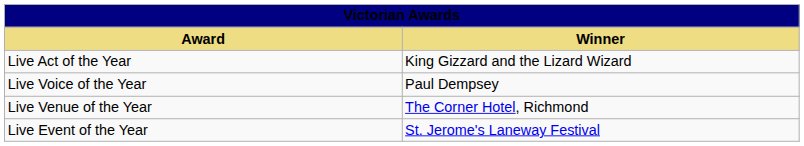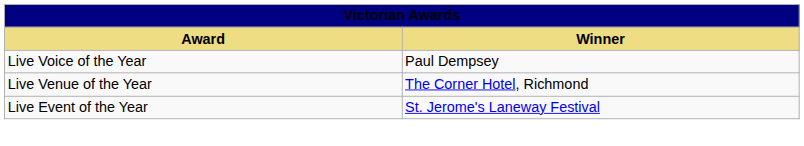 <table class="wikitable" width=100%>
 <tr>
 <th colspan="2" ! style="width:15%;background:navy">Victorian Awards</th>
 </tr>
 <tr>
 <th style="width:10%;background:#EEDD82;">Award</th>
 <th style="width:10%;background:#EEDD82;">Winner</th>
-</tr>
-<tr>
-<td>Live Act of the Year</td>
-<td>King Gizzard and the Lizard Wizard</td>
 </tr>
 <tr>
 <td>Live Voice of the Year</td>
 <td>Paul Dempsey</td>
 </tr>
 <tr>
 <td>Live Venue of the Year</td>
 <td><a href='#'>The Corner Hotel</a>, Richmond</td>
 </tr>
 <tr>
 <td>Live Event of the Year</td>
 <td><a href='#'>St. Jerome's Laneway Festival</a></td>
 </tr>
 </table>
